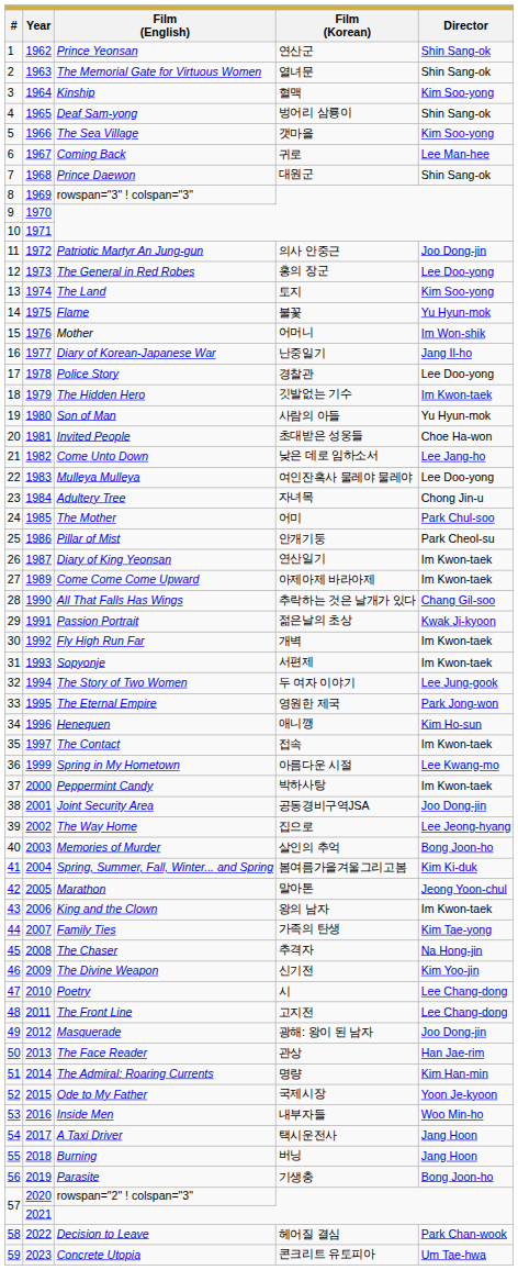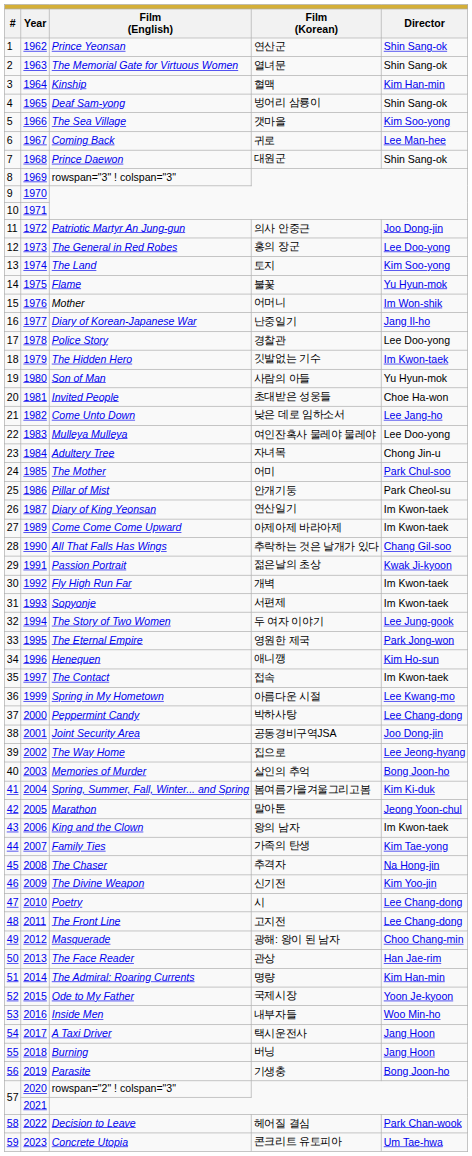 <table class="wikitable collapsible collapsed">
 <tr>
 <th colspan="5" style="background: #D4AF37;"></th>
 </tr>
 <tr>
 <th>#</th>
 <th>Year</th>
 <th>Film<br>(English)</th>
 <th>Film<br>(Korean)</th>
 <th>Director</th>
 </tr>
 <tr>
 <td>1</td>
 <td><a href='#'>1962</a></td>
 <td><em><a href='#'>Prince Yeonsan</a></em></td>
 <td>연산군</td>
 <td><a href='#'>Shin Sang-ok</a></td>
 </tr>
 <tr>
 <td>2</td>
 <td><a href='#'>1963</a></td>
 <td><em><a href='#'>The Memorial Gate for Virtuous Women</a></em></td>
 <td>열녀문</td>
 <td>Shin Sang-ok</td>
 </tr>
 <tr>
 <td>3</td>
 <td><a href='#'>1964</a></td>
 <td><em><a href='#'>Kinship</a></em></td>
 <td>혈맥</td>
-<td><a href='#'>Kim Soo-yong</a></td>
+<td><a href='#'>Kim Han-min</a></td>
 </tr>
 <tr>
 <td>4</td>
 <td><a href='#'>1965</a></td>
 <td><em><a href='#'>Deaf Sam-yong</a></em></td>
 <td>벙어리 삼룡이</td>
 <td>Shin Sang-ok</td>
 </tr>
 <tr>
 <td>5</td>
 <td><a href='#'>1966</a></td>
 <td><em><a href='#'>The Sea Village</a></em></td>
 <td>갯마을</td>
 <td><a href='#'>Kim Soo-yong</a></td>
 </tr>
 <tr>
 <td>6</td>
 <td><a href='#'>1967</a></td>
 <td><em><a href='#'>Coming Back</a></em></td>
 <td>귀로</td>
 <td><a href='#'>Lee Man-hee</a></td>
 </tr>
 <tr>
 <td>7</td>
 <td><a href='#'>1968</a></td>
 <td><em><a href='#'>Prince Daewon</a></em></td>
 <td>대원군</td>
 <td>Shin Sang-ok</td>
 </tr>
 <tr>
 <td>8</td>
 <td><a href='#'>1969</a></td>
 <td>rowspan="3" ! colspan="3" </td>
 </tr>
 <tr>
 <td>9</td>
 <td><a href='#'>1970</a></td>
 </tr>
 <tr>
 <td>10</td>
 <td><a href='#'>1971</a></td>
 </tr>
 <tr>
 <td>11</td>
 <td><a href='#'>1972</a></td>
 <td><em><a href='#'>Patriotic Martyr An Jung-gun</a></em></td>
 <td>의사 안중근</td>
 <td><a href='#'>Joo Dong-jin</a></td>
 </tr>
 <tr>
 <td>12</td>
 <td><a href='#'>1973</a></td>
 <td><em><a href='#'>The General in Red Robes</a></em></td>
 <td>홍의 장군</td>
 <td><a href='#'>Lee Doo-yong</a></td>
 </tr>
 <tr>
 <td>13</td>
 <td><a href='#'>1974</a></td>
 <td><em><a href='#'>The Land</a></em></td>
 <td>토지</td>
 <td><a href='#'>Kim Soo-yong</a></td>
 </tr>
 <tr>
 <td>14</td>
 <td><a href='#'>1975</a></td>
 <td><em><a href='#'>Flame</a></em></td>
 <td>불꽃</td>
 <td><a href='#'>Yu Hyun-mok</a></td>
 </tr>
 <tr>
 <td>15</td>
 <td><a href='#'>1976</a></td>
 <td><em>Mother</em></td>
 <td>어머니</td>
 <td><a href='#'>Im Won-shik</a></td>
 </tr>
 <tr>
 <td>16</td>
 <td><a href='#'>1977</a></td>
 <td><em><a href='#'>Diary of Korean-Japanese War</a></em></td>
 <td>난중일기</td>
 <td><a href='#'>Jang Il-ho</a></td>
 </tr>
 <tr>
 <td>17</td>
 <td><a href='#'>1978</a></td>
 <td><em><a href='#'>Police Story</a></em></td>
 <td>경찰관</td>
 <td>Lee Doo-yong</td>
 </tr>
 <tr>
 <td>18</td>
 <td><a href='#'>1979</a></td>
 <td><em><a href='#'>The Hidden Hero</a></em></td>
 <td>깃발없는 기수</td>
 <td><a href='#'>Im Kwon-taek</a></td>
 </tr>
 <tr>
 <td>19</td>
 <td><a href='#'>1980</a></td>
 <td><em><a href='#'>Son of Man</a></em></td>
 <td>사람의 아들</td>
 <td>Yu Hyun-mok</td>
 </tr>
 <tr>
 <td>20</td>
 <td><a href='#'>1981</a></td>
 <td><em><a href='#'>Invited People</a></em></td>
 <td>초대받은 성웅들</td>
 <td>Choe Ha-won</td>
 </tr>
 <tr>
 <td>21</td>
 <td><a href='#'>1982</a></td>
 <td><em><a href='#'>Come Unto Down</a></em></td>
 <td>낮은 데로 임하소서</td>
 <td><a href='#'>Lee Jang-ho</a></td>
 </tr>
 <tr>
 <td>22</td>
 <td><a href='#'>1983</a></td>
 <td><em><a href='#'>Mulleya Mulleya</a></em></td>
 <td>여인잔혹사 물레야 물레야</td>
 <td>Lee Doo-yong</td>
 </tr>
 <tr>
 <td>23</td>
 <td><a href='#'>1984</a></td>
 <td><em><a href='#'>Adultery Tree</a></em></td>
 <td>자녀목</td>
 <td>Chong Jin-u</td>
 </tr>
 <tr>
 <td>24</td>
 <td><a href='#'>1985</a></td>
 <td><em><a href='#'>The Mother</a></em></td>
 <td>어미</td>
 <td><a href='#'>Park Chul-soo</a></td>
 </tr>
 <tr>
 <td>25</td>
 <td><a href='#'>1986</a></td>
 <td><em><a href='#'>Pillar of Mist</a></em></td>
 <td>안개기둥</td>
 <td>Park Cheol-su</td>
 </tr>
 <tr>
 <td>26</td>
 <td><a href='#'>1987</a></td>
 <td><em><a href='#'>Diary of King Yeonsan</a></em></td>
 <td>연산일기</td>
 <td>Im Kwon-taek</td>
 </tr>
 <tr>
 <td>27</td>
 <td><a href='#'>1989</a></td>
 <td><em><a href='#'>Come Come Come Upward</a></em></td>
 <td>아제아제 바라아제</td>
 <td>Im Kwon-taek</td>
 </tr>
 <tr>
 <td>28</td>
 <td><a href='#'>1990</a></td>
 <td><em><a href='#'>All That Falls Has Wings</a></em></td>
 <td>추락하는 것은 날개가 있다</td>
 <td><a href='#'>Chang Gil-soo</a></td>
 </tr>
 <tr>
 <td>29</td>
 <td><a href='#'>1991</a></td>
 <td><em><a href='#'>Passion Portrait</a></em></td>
 <td>젊은날의 초상</td>
 <td><a href='#'>Kwak Ji-kyoon</a></td>
 </tr>
 <tr>
 <td>30</td>
 <td><a href='#'>1992</a></td>
 <td><em><a href='#'>Fly High Run Far</a></em></td>
 <td>개벽</td>
 <td>Im Kwon-taek</td>
 </tr>
 <tr>
 <td>31</td>
 <td><a href='#'>1993</a></td>
 <td><em><a href='#'>Sopyonje</a></em></td>
 <td>서편제</td>
 <td>Im Kwon-taek</td>
 </tr>
 <tr>
 <td>32</td>
 <td><a href='#'>1994</a></td>
 <td><em><a href='#'>The Story of Two Women</a></em></td>
 <td>두 여자 이야기</td>
 <td><a href='#'>Lee Jung-gook</a></td>
 </tr>
 <tr>
 <td>33</td>
 <td><a href='#'>1995</a></td>
 <td><em><a href='#'>The Eternal Empire</a></em></td>
 <td>영원한 제국</td>
 <td><a href='#'>Park Jong-won</a></td>
 </tr>
 <tr>
 <td>34</td>
 <td><a href='#'>1996</a></td>
 <td><em><a href='#'>Henequen</a></em></td>
 <td>애니깽</td>
 <td><a href='#'>Kim Ho-sun</a></td>
 </tr>
 <tr>
 <td>35</td>
 <td><a href='#'>1997</a></td>
 <td><em><a href='#'>The Contact</a></em></td>
 <td>접속</td>
 <td>Im Kwon-taek</td>
 </tr>
 <tr>
 <td>36</td>
 <td><a href='#'>1999</a></td>
 <td><em><a href='#'>Spring in My Hometown</a></em></td>
 <td>아름다운 시절</td>
 <td><a href='#'>Lee Kwang-mo</a></td>
 </tr>
 <tr>
 <td>37</td>
 <td><a href='#'>2000</a></td>
 <td><em><a href='#'>Peppermint Candy</a></em></td>
 <td>박하사탕</td>
-<td>Im Kwon-taek</td>
+<td><a href='#'>Lee Chang-dong</a></td>
 </tr>
 <tr>
 <td>38</td>
 <td><a href='#'>2001</a></td>
 <td><em><a href='#'>Joint Security Area</a></em></td>
 <td>공동경비구역JSA</td>
 <td><a href='#'>Joo Dong-jin</a></td>
 </tr>
 <tr>
 <td>39</td>
 <td><a href='#'>2002</a></td>
 <td><em><a href='#'>The Way Home</a></em></td>
 <td>집으로</td>
 <td><a href='#'>Lee Jeong-hyang</a></td>
 </tr>
 <tr>
 <td>40</td>
 <td><a href='#'>2003</a></td>
 <td><em><a href='#'>Memories of Murder</a></em></td>
 <td>살인의 추억</td>
 <td><a href='#'>Bong Joon-ho</a></td>
 </tr>
 <tr>
 <td><a href='#'>41</a></td>
 <td><a href='#'>2004</a></td>
 <td><em><a href='#'>Spring, Summer, Fall, Winter... and Spring</a></em></td>
 <td>봄여름가을겨울그리고봄</td>
 <td><a href='#'>Kim Ki-duk</a></td>
 </tr>
 <tr>
 <td><a href='#'>42</a></td>
 <td><a href='#'>2005</a></td>
 <td><em><a href='#'>Marathon</a></em></td>
 <td>말아톤</td>
 <td><a href='#'>Jeong Yoon-chul</a></td>
 </tr>
 <tr>
 <td><a href='#'>43</a></td>
 <td><a href='#'>2006</a></td>
 <td><em><a href='#'>King and the Clown</a></em></td>
 <td>왕의 남자</td>
 <td>Im Kwon-taek</td>
 </tr>
 <tr>
 <td><a href='#'>44</a></td>
 <td><a href='#'>2007</a></td>
 <td><em><a href='#'>Family Ties</a></em></td>
 <td>가족의 탄생</td>
 <td><a href='#'>Kim Tae-yong</a></td>
 </tr>
 <tr>
 <td><a href='#'>45</a></td>
 <td><a href='#'>2008</a></td>
 <td><em><a href='#'>The Chaser</a></em></td>
 <td>추격자</td>
 <td><a href='#'>Na Hong-jin</a></td>
 </tr>
 <tr>
 <td><a href='#'>46</a></td>
 <td><a href='#'>2009</a></td>
 <td><em><a href='#'>The Divine Weapon</a></em></td>
 <td>신기전</td>
 <td><a href='#'>Kim Yoo-jin</a></td>
 </tr>
 <tr>
 <td><a href='#'>47</a></td>
 <td><a href='#'>2010</a></td>
 <td><em><a href='#'>Poetry</a></em></td>
 <td>시</td>
 <td><a href='#'>Lee Chang-dong</a></td>
 </tr>
 <tr>
 <td><a href='#'>48</a></td>
 <td><a href='#'>2011</a></td>
 <td><em><a href='#'>The Front Line</a></em></td>
 <td>고지전</td>
 <td><a href='#'>Lee Chang-dong</a></td>
 </tr>
 <tr>
 <td><a href='#'>49</a></td>
 <td><a href='#'>2012</a></td>
 <td><em><a href='#'>Masquerade</a></em></td>
 <td>광해: 왕이 된 남자</td>
-<td><a href='#'>Joo Dong-jin</a></td>
+<td><a href='#'>Choo Chang-min</a></td>
 </tr>
 <tr>
 <td><a href='#'>50</a></td>
 <td><a href='#'>2013</a></td>
 <td><em><a href='#'>The Face Reader</a></em></td>
 <td>관상</td>
 <td><a href='#'>Han Jae-rim</a></td>
 </tr>
 <tr>
 <td><a href='#'>51</a></td>
 <td><a href='#'>2014</a></td>
 <td><em><a href='#'>The Admiral: Roaring Currents</a></em></td>
 <td>명량</td>
 <td><a href='#'>Kim Han-min</a></td>
 </tr>
 <tr>
 <td><a href='#'>52</a></td>
 <td><a href='#'>2015</a></td>
 <td><em><a href='#'>Ode to My Father</a></em></td>
 <td>국제시장</td>
 <td><a href='#'>Yoon Je-kyoon</a></td>
 </tr>
 <tr>
 <td><a href='#'>53</a></td>
 <td><a href='#'>2016</a></td>
 <td><em><a href='#'>Inside Men</a></em></td>
 <td>내부자들</td>
 <td><a href='#'>Woo Min-ho</a></td>
 </tr>
 <tr>
 <td><a href='#'>54</a></td>
 <td><a href='#'>2017</a></td>
 <td><em><a href='#'>A Taxi Driver</a></em></td>
 <td>택시운전사</td>
 <td><a href='#'>Jang Hoon</a></td>
 </tr>
 <tr>
 <td><a href='#'>55</a></td>
 <td><a href='#'>2018</a></td>
 <td><em><a href='#'>Burning</a></em></td>
 <td>버닝</td>
 <td><a href='#'>Jang Hoon</a></td>
 </tr>
 <tr>
 <td><a href='#'>56</a></td>
 <td><a href='#'>2019</a></td>
 <td><em><a href='#'>Parasite</a></em></td>
 <td>기생충</td>
 <td><a href='#'>Bong Joon-ho</a></td>
 </tr>
 <tr>
 <td rowspan="2">57</td>
 <td><a href='#'>2020</a></td>
 <td>rowspan="2" ! colspan="3" </td>
 </tr>
 <tr>
 <td><a href='#'>2021</a></td>
 </tr>
 <tr>
 <td><a href='#'>58</a></td>
 <td><a href='#'>2022</a></td>
 <td><em><a href='#'>Decision to Leave</a></em></td>
 <td>헤어질 결심</td>
 <td><a href='#'>Park Chan-wook</a></td>
 </tr>
 <tr>
 <td><a href='#'>59</a></td>
 <td><a href='#'>2023</a></td>
 <td><em><a href='#'>Concrete Utopia</a></em></td>
 <td>콘크리트 유토피아</td>
 <td><a href='#'>Um Tae-hwa</a></td>
 </tr>
 </table>
